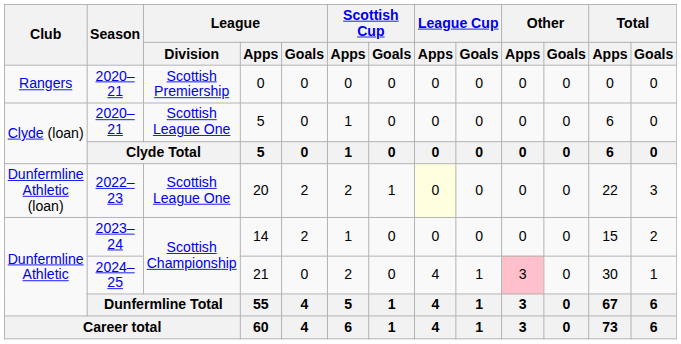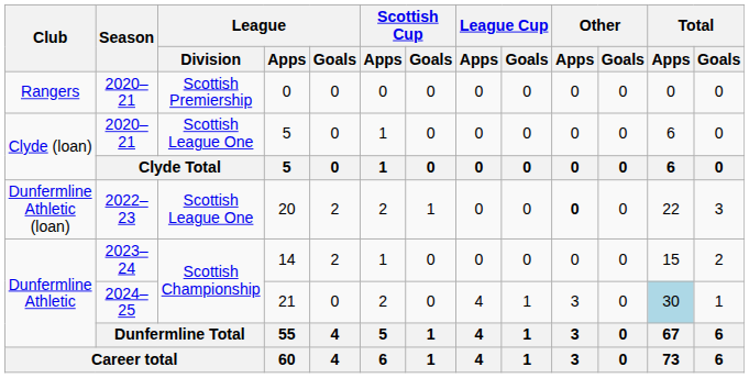 <table class="wikitable" style="text-align:center">
 <tr>
 <th rowspan="2">Club</th>
 <th rowspan="2">Season</th>
 <th colspan="3">League</th>
 <th colspan="2"><a href='#'>Scottish Cup</a></th>
 <th colspan="2"><a href='#'>League Cup</a></th>
 <th colspan="2">Other</th>
 <th colspan="2">Total</th>
 </tr>
 <tr>
 <th>Division</th>
 <th>Apps</th>
 <th>Goals</th>
 <th>Apps</th>
 <th>Goals</th>
 <th>Apps</th>
 <th>Goals</th>
 <th>Apps</th>
 <th>Goals</th>
 <th>Apps</th>
 <th>Goals</th>
 </tr>
 <tr>
 <td rowspan="1"><a href='#'>Rangers</a></td>
 <td><a href='#'>2020–21</a></td>
 <td><a href='#'>Scottish Premiership</a></td>
 <td>0</td>
 <td>0</td>
 <td>0</td>
 <td>0</td>
 <td>0</td>
 <td>0</td>
 <td>0</td>
 <td>0</td>
 <td>0</td>
 <td>0</td>
 </tr>
 <tr>
 <td rowspan="2"><a href='#'>Clyde</a> (loan)</td>
 <td><a href='#'>2020–21</a></td>
 <td><a href='#'>Scottish League One</a></td>
 <td>5</td>
 <td>0</td>
 <td>1</td>
 <td>0</td>
 <td>0</td>
 <td>0</td>
 <td>0</td>
 <td>0</td>
 <td>6</td>
 <td>0</td>
 </tr>
 <tr>
 <th colspan="2">Clyde Total</th>
 <th>5</th>
 <th>0</th>
 <th>1</th>
 <th>0</th>
 <th>0</th>
 <th>0</th>
 <th 0!>0</th>
 <th>0</th>
 <th>6</th>
 <th>0</th>
 </tr>
 <tr>
 <td rowspan="1"><a href='#'>Dunfermline Athletic</a> (loan)</td>
 <td><a href='#'>2022–23</a></td>
 <td><a href='#'>Scottish League One</a></td>
 <td>20</td>
 <td>2</td>
 <td>2</td>
 <td>1</td>
-<td style="background: lightyellow;">0</td>
 <td>0</td>
 <td>0</td>
+<td><strong>0</strong></td>
 <td>0</td>
 <td>22</td>
 <td>3</td>
 </tr>
 <tr>
 <td rowspan="3"><a href='#'>Dunfermline Athletic</a></td>
 <td><a href='#'>2023–24</a></td>
 <td rowspan="2"><a href='#'>Scottish Championship</a></td>
 <td>14</td>
 <td>2</td>
 <td>1</td>
 <td>0</td>
 <td>0</td>
 <td>0</td>
 <td>0</td>
 <td>0</td>
 <td>15</td>
 <td>2</td>
 </tr>
 <tr>
 <td><a href='#'>2024–25</a></td>
 <td>21</td>
 <td>0</td>
 <td>2</td>
 <td>0</td>
 <td>4</td>
 <td>1</td>
-<td style="background: pink;">3</td>
+<td>3</td>
 <td>0</td>
-<td>30</td>
+<td style="background: lightblue;">30</td>
 <td>1</td>
 </tr>
 <tr>
 <th colspan="2">Dunfermline Total</th>
 <th>55</th>
 <th>4</th>
 <th>5</th>
 <th>1</th>
 <th>4</th>
 <th>1</th>
 <th>3</th>
 <th 0!>0</th>
 <th>67</th>
 <th>6</th>
 </tr>
 <tr>
 <th colspan="3">Career total</th>
 <th>60</th>
 <th>4</th>
 <th>6</th>
 <th>1</th>
 <th>4</th>
 <th>1</th>
 <th>3</th>
 <th>0</th>
 <th>73</th>
 <th>6</th>
 </tr>
 </table>
